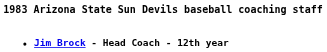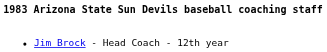 <table class="toccolours">
 <tr>
 <th colspan=9>1983 Arizona State Sun Devils baseball coaching staff</th>
 </tr>
 <tr>
-<td style="text-align: left; font-size: 95%;" valign="top"><strong><br><ul><li><a href='#'>Jim Brock</a> - Head Coach - 12th year</li></ul></strong></td>
+<td style="text-align: left; font-size: 95%;" valign="top"><br><ul><li><a href='#'>Jim Brock</a> - Head Coach - 12th year</li></ul></td>
 </tr>
 </table>
